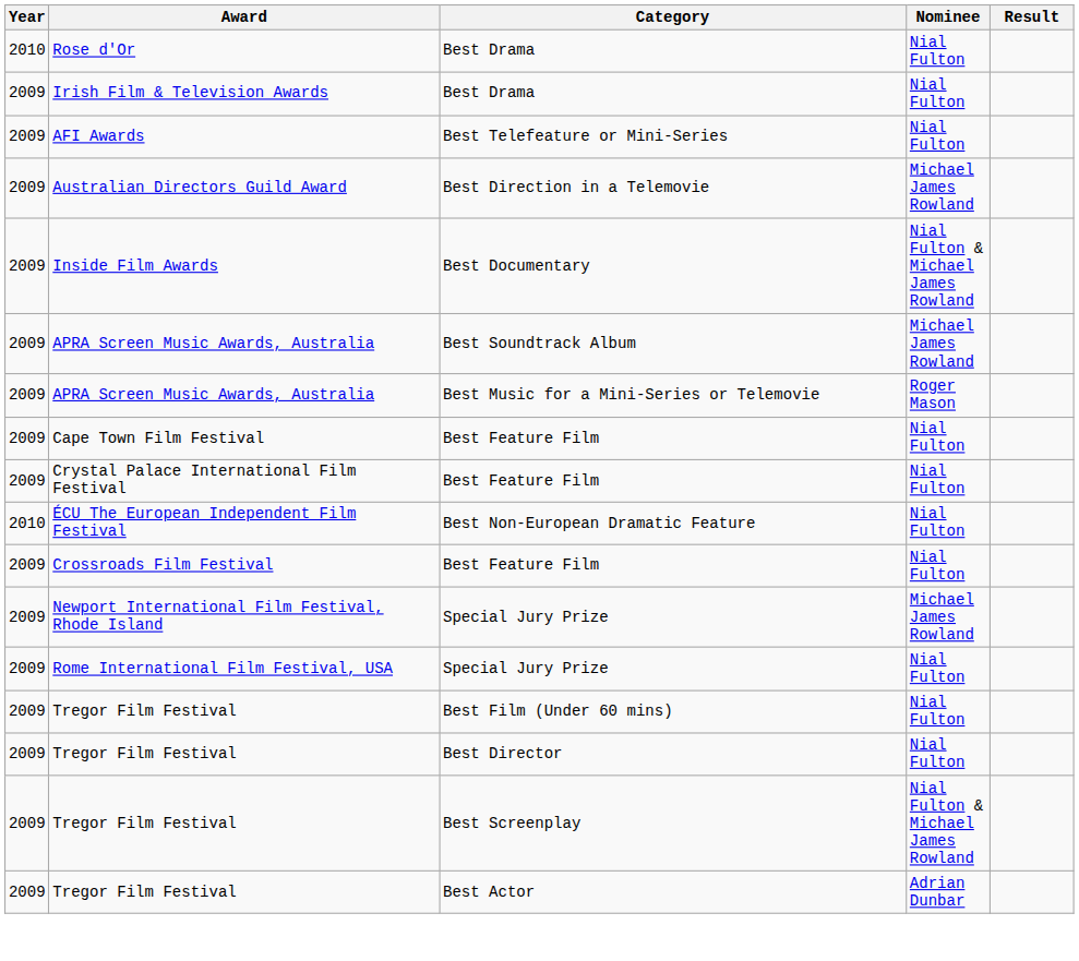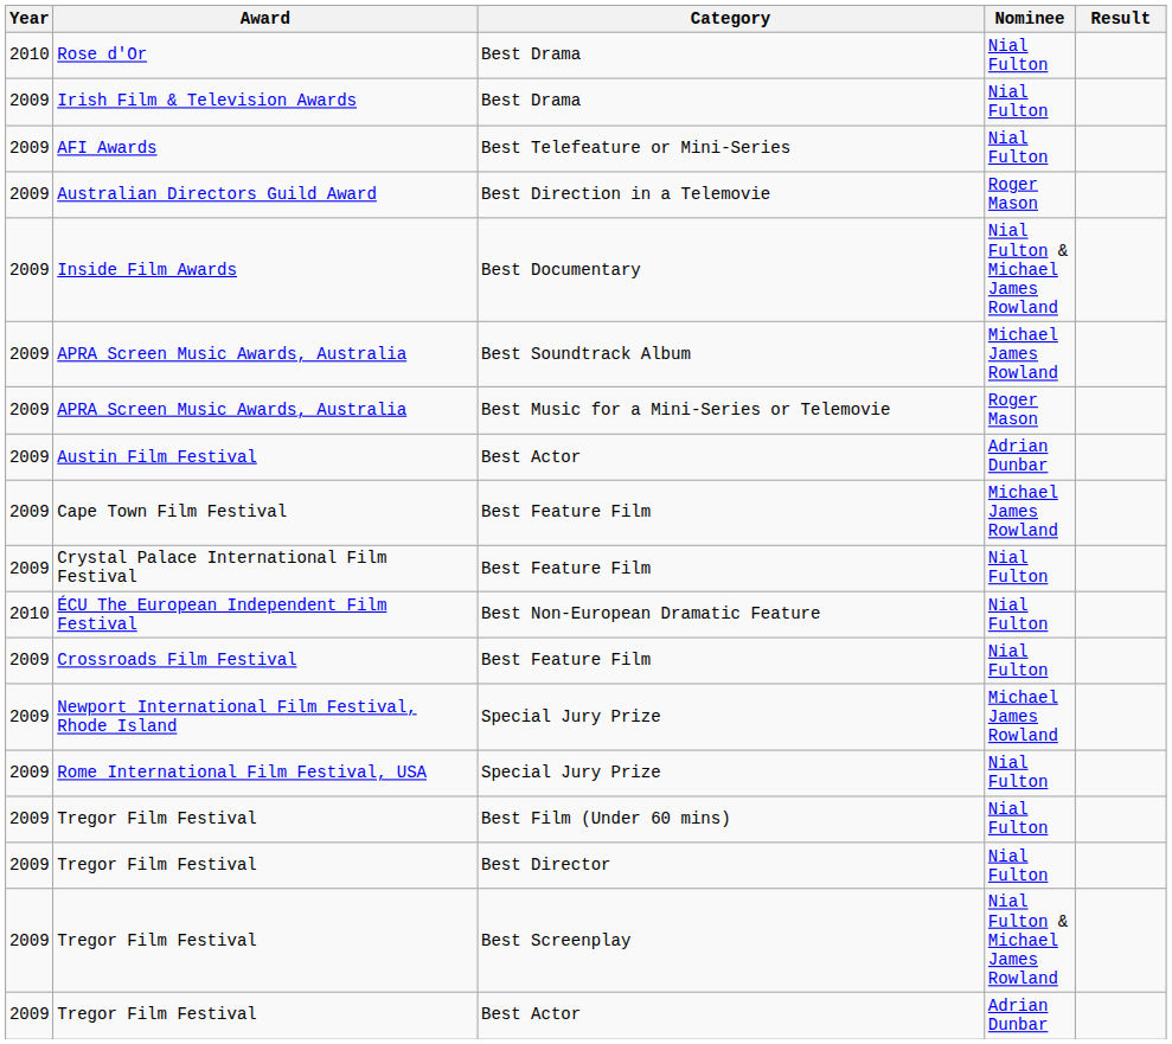 <table class="wikitable">
 <tr>
 <th scope="col" style="width:1em;">Year</th>
 <th scope="col" style="width:25em;">Award</th>
 <th scope="col" style="width:30em;">Category</th>
 <th scope="col" style="width:5em;">Nominee</th>
 <th scope="col" style="width:5em;">Result</th>
 </tr>
 <tr>
 <td>2010</td>
 <td><a href='#'>Rose d'Or</a></td>
 <td>Best Drama</td>
 <td><a href='#'>Nial Fulton</a></td>
 <td></td>
 </tr>
 <tr>
 <td>2009</td>
 <td><a href='#'>Irish Film & Television Awards</a></td>
 <td>Best Drama</td>
 <td><a href='#'>Nial Fulton</a></td>
 <td></td>
 </tr>
 <tr>
 <td>2009</td>
 <td><a href='#'>AFI Awards</a></td>
 <td>Best Telefeature or Mini-Series</td>
 <td><a href='#'>Nial Fulton</a></td>
 <td></td>
 </tr>
 <tr>
 <td>2009</td>
 <td><a href='#'>Australian Directors Guild Award</a></td>
 <td>Best Direction in a Telemovie</td>
-<td><a href='#'>Michael James Rowland</a></td>
+<td><a href='#'>Roger Mason</a></td>
 <td></td>
 </tr>
 <tr>
 <td>2009</td>
 <td><a href='#'>Inside Film Awards</a></td>
 <td>Best Documentary</td>
 <td><a href='#'>Nial Fulton</a> & <a href='#'>Michael James Rowland</a></td>
 <td></td>
 </tr>
 <tr>
 <td>2009</td>
 <td><a href='#'>APRA Screen Music Awards, Australia</a></td>
 <td>Best Soundtrack Album</td>
 <td><a href='#'>Michael James Rowland</a></td>
 <td></td>
 </tr>
 <tr>
 <td>2009</td>
 <td><a href='#'>APRA Screen Music Awards, Australia</a></td>
 <td>Best Music for a Mini-Series or Telemovie</td>
 <td><a href='#'>Roger Mason</a></td>
 <td></td>
 </tr>
 <tr>
 <td>2009</td>
+<td><a href='#'>Austin Film Festival</a></td>
+<td>Best Actor</td>
+<td><a href='#'>Adrian Dunbar</a></td>
+<td></td>
+</tr>
+<tr>
+<td>2009</td>
 <td>Cape Town Film Festival</td>
 <td>Best Feature Film</td>
-<td><a href='#'>Nial Fulton</a></td>
+<td><a href='#'>Michael James Rowland</a></td>
 <td></td>
 </tr>
 <tr>
 <td>2009</td>
 <td>Crystal Palace International Film Festival</td>
 <td>Best Feature Film</td>
 <td><a href='#'>Nial Fulton</a></td>
 <td></td>
 </tr>
 <tr>
 <td>2010</td>
 <td><a href='#'>ÉCU The European Independent Film Festival</a></td>
 <td>Best Non-European Dramatic Feature</td>
 <td><a href='#'>Nial Fulton</a></td>
 <td></td>
 </tr>
 <tr>
 <td>2009</td>
 <td><a href='#'>Crossroads Film Festival</a></td>
 <td>Best Feature Film</td>
 <td><a href='#'>Nial Fulton</a></td>
 <td></td>
 </tr>
 <tr>
 <td>2009</td>
 <td><a href='#'>Newport International Film Festival, Rhode Island</a></td>
 <td>Special Jury Prize</td>
 <td><a href='#'>Michael James Rowland</a></td>
 <td></td>
 </tr>
 <tr>
 <td>2009</td>
 <td><a href='#'>Rome International Film Festival, USA</a></td>
 <td>Special Jury Prize</td>
 <td><a href='#'>Nial Fulton</a></td>
 <td></td>
 </tr>
 <tr>
 <td>2009</td>
 <td>Tregor Film Festival</td>
 <td>Best Film (Under 60 mins)</td>
 <td><a href='#'>Nial Fulton</a></td>
 <td></td>
 </tr>
 <tr>
 <td>2009</td>
 <td>Tregor Film Festival</td>
 <td>Best Director</td>
 <td><a href='#'>Nial Fulton</a></td>
 <td></td>
 </tr>
 <tr>
 <td>2009</td>
 <td>Tregor Film Festival</td>
 <td>Best Screenplay</td>
 <td><a href='#'>Nial Fulton</a> & <a href='#'>Michael James Rowland</a></td>
 <td></td>
 </tr>
 <tr>
 <td>2009</td>
 <td>Tregor Film Festival</td>
 <td>Best Actor</td>
 <td><a href='#'>Adrian Dunbar</a></td>
 <td></td>
 </tr>
 </table>
